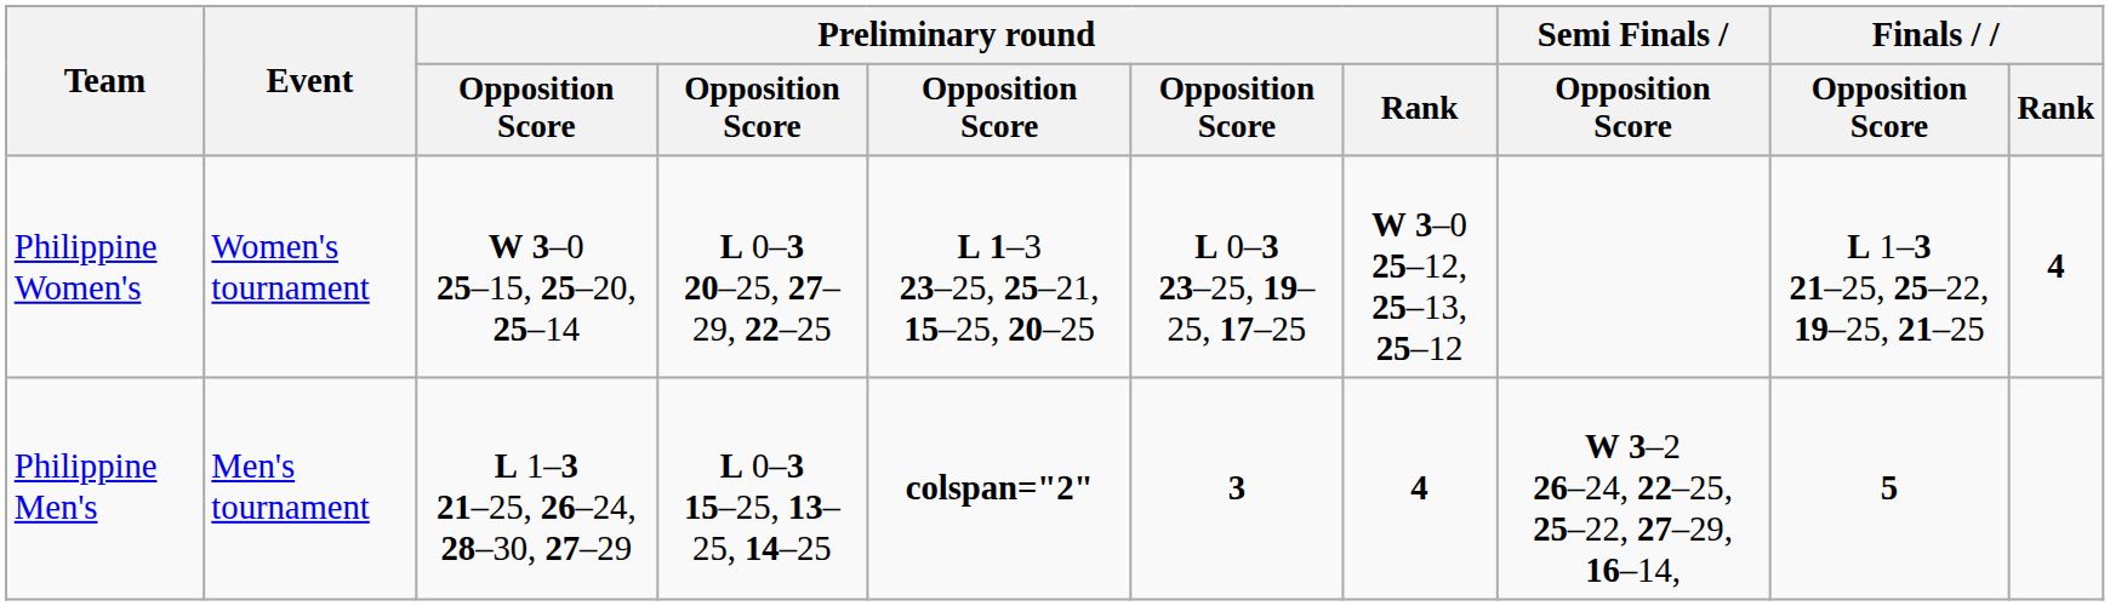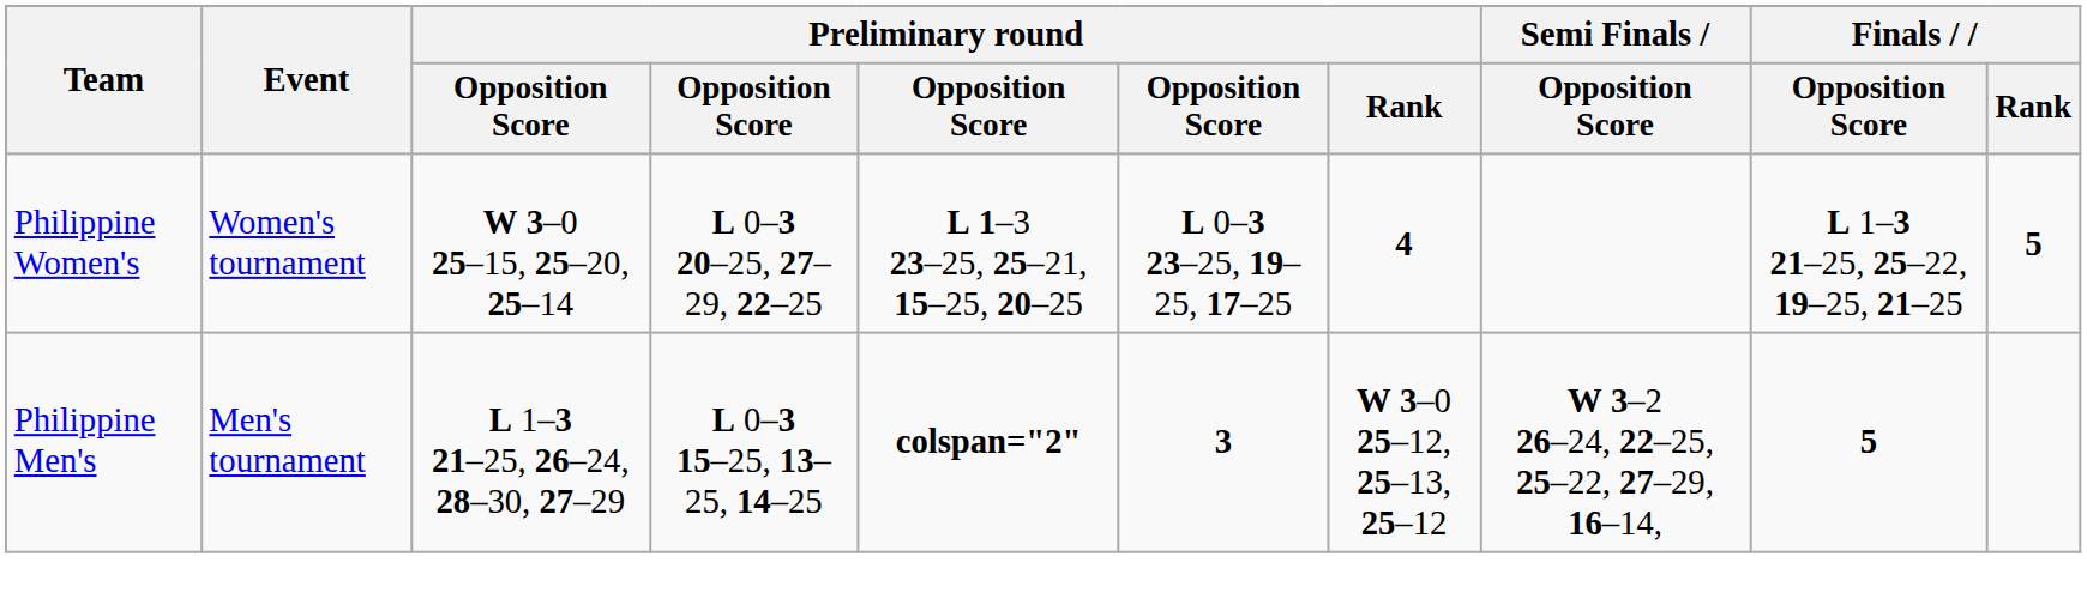 <table class="wikitable" style="font-size:90%">
 <tr>
 <th rowspan=2>Team</th>
 <th rowspan=2>Event</th>
 <th colspan=5>Preliminary round</th>
 <th colspan=1>Semi Finals / </th>
 <th colspan=2>Finals /  / </th>
 </tr>
 <tr style="font-size:95%">
 <th>Opposition<br>Score</th>
 <th>Opposition<br>Score</th>
 <th>Opposition<br>Score</th>
 <th>Opposition<br>Score</th>
 <th>Rank</th>
 <th>Opposition<br>Score</th>
 <th>Opposition<br>Score</th>
 <th>Rank</th>
 </tr>
 <tr align=center>
 <td align=left><a href='#'>Philippine Women's</a></td>
 <td align=left><a href='#'>Women's tournament</a></td>
 <td><br> <strong>W</strong> <strong>3</strong>–0 <br> <strong>25</strong>–15, <strong>25</strong>–20, <strong>25</strong>–14</td>
 <td><br> <strong>L</strong> 0–<strong>3</strong> <br> <strong>20</strong>–25, <strong>27</strong>–29, <strong>22</strong>–25</td>
 <td><br> <strong>L</strong> <strong>1</strong>–3 <br> <strong>23</strong>–25, <strong>25</strong>–21, <strong>15</strong>–25, <strong>20</strong>–25</td>
 <td><br> <strong>L</strong> 0–<strong>3</strong> <br> <strong>23</strong>–25, <strong>19</strong>–25, <strong>17</strong>–25</td>
-<td><br> <strong>W</strong> <strong>3</strong>–0 <br> <strong>25</strong>–12, <strong>25</strong>–13, <strong>25</strong>–12</td>
+<td><strong>4</strong></td>
 <td></td>
 <td><br> <strong>L</strong> 1–<strong>3</strong> <br> <strong>21</strong>–25, <strong>25</strong>–22, <strong>19</strong>–25, <strong>21</strong>–25</td>
-<td><strong>4</strong></td>
+<td><strong>5</strong></td>
 </tr>
 <tr align=center>
 <td align=left><a href='#'>Philippine Men's</a></td>
 <td align=left><a href='#'>Men's tournament</a></td>
 <td><br> <strong>L</strong> 1–<strong>3</strong> <br> <strong>21</strong>–25, <strong>26</strong>–24, <strong>28</strong>–30, <strong>27</strong>–29</td>
 <td><br> <strong>L</strong> 0–<strong>3</strong> <br> <strong>15</strong>–25, <strong>13</strong>–25, <strong>14</strong>–25</td>
 <td><strong>colspan="2" </strong></td>
 <td><strong>3</strong></td>
-<td><strong>4</strong></td>
+<td><br> <strong>W</strong> <strong>3</strong>–0 <br> <strong>25</strong>–12, <strong>25</strong>–13, <strong>25</strong>–12</td>
 <td><br> <strong>W</strong> <strong>3</strong>–2 <br> <strong>26</strong>–24, <strong>22</strong>–25, <strong>25</strong>–22, <strong>27</strong>–29, <strong>16</strong>–14,</td>
 <td><strong>5</strong></td>
 </tr>
 </table>
